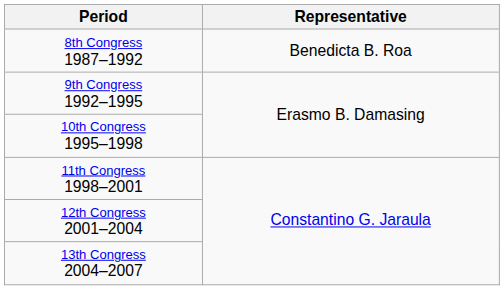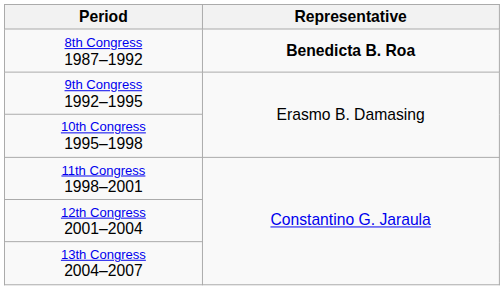 <table class="wikitable" style="text-align:center; width:40%;">
 <tr>
 <th width="40%">Period</th>
 <th>Representative</th>
 </tr>
 <tr>
 <td><small><a href='#'>8th Congress</a></small><br>1987–1992</td>
-<td>Benedicta B. Roa</td>
+<td><strong>Benedicta B. Roa</strong></td>
 </tr>
 <tr>
 <td><small><a href='#'>9th Congress</a></small><br>1992–1995</td>
 <td rowspan="2">Erasmo B. Damasing</td>
 </tr>
 <tr>
 <td><small><a href='#'>10th Congress</a></small><br>1995–1998</td>
 </tr>
 <tr>
 <td><small><a href='#'>11th Congress</a></small><br>1998–2001</td>
 <td rowspan="3"><a href='#'>Constantino G. Jaraula</a></td>
 </tr>
 <tr>
 <td><small><a href='#'>12th Congress</a></small><br>2001–2004</td>
 </tr>
 <tr>
 <td><small><a href='#'>13th Congress</a></small><br>2004–2007</td>
 </tr>
 </table>
